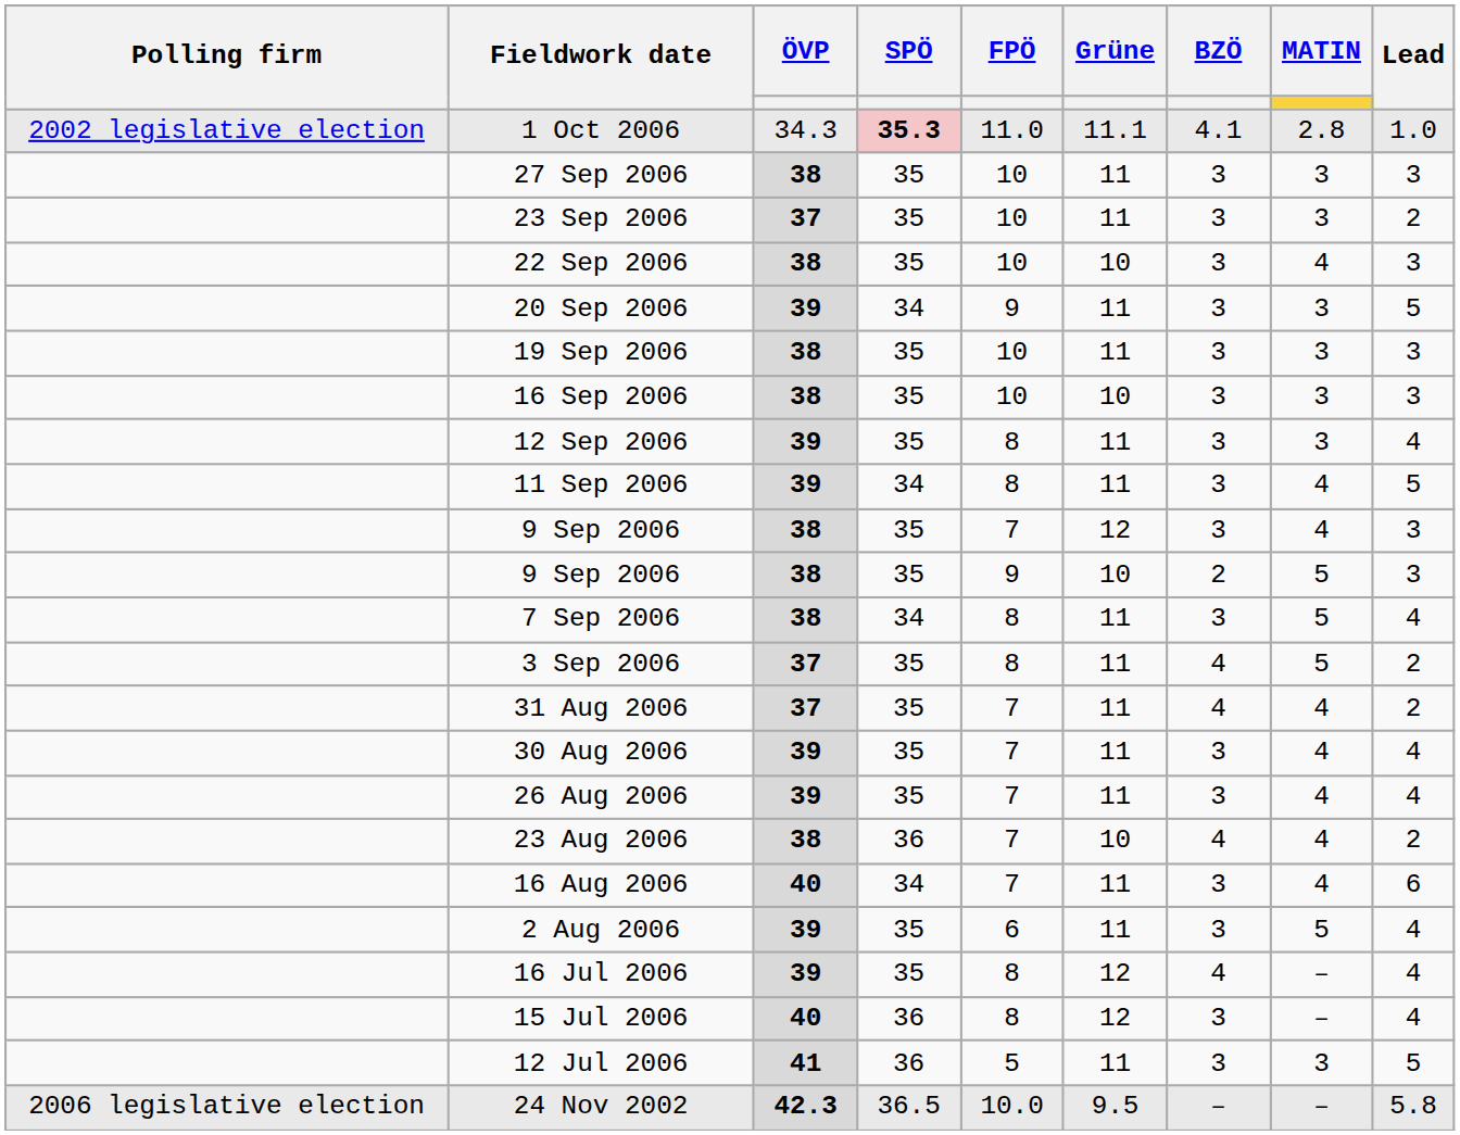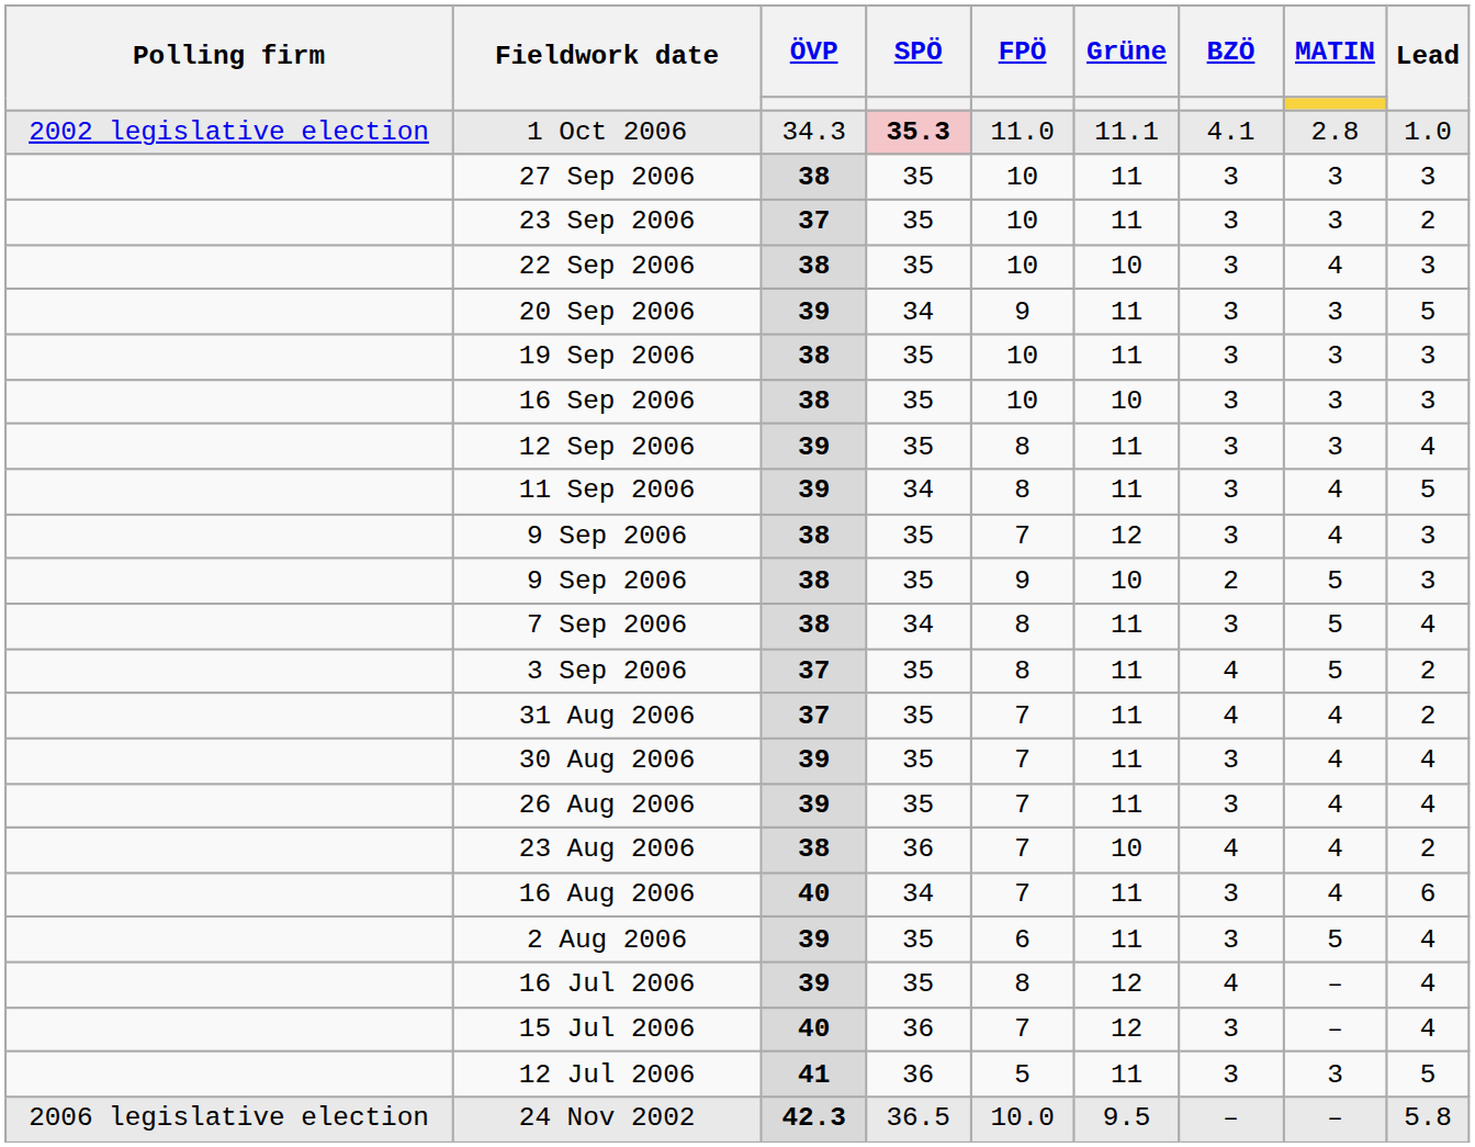 <table class="wikitable sortable" style="text-align:center;font-size:90%;line-height:14px;">
 <tr style="height:40px;">
 <th style="width:190px;" rowspan="2">Polling firm</th>
 <th style="width:130px;" rowspan="2">Fieldwork date</th>
 <th class="unsortable" style="width:40px;"><a href='#'>ÖVP</a></th>
 <th class="unsortable" style="width:40px;"><a href='#'>SPÖ</a></th>
 <th class="unsortable" style="width:40px;"><a href='#'>FPÖ</a></th>
 <th class="unsortable" style="width:40px;"><a href='#'>Grüne</a></th>
 <th class="unsortable" style="width:40px;"><a href='#'>BZÖ</a></th>
 <th class="unsortable" style="width:40px;"><a href='#'>MATIN</a></th>
 <th style="width:30px;" rowspan="2">Lead</th>
 </tr>
 <tr>
 <th style="background:"></th>
 <th style="background:"></th>
 <th style="background:"></th>
 <th style="background:"></th>
 <th style="background:"></th>
 <th style="background:#F8D33D;"></th>
 </tr>
 <tr style="background:#E9E9E9;">
 <td><a href='#'>2002 legislative election</a></td>
 <td data-sort-value="2006-10-01">1 Oct 2006</td>
 <td>34.3</td>
 <td style="background:#F4C6C9;"><strong>35.3</strong></td>
 <td>11.0</td>
 <td>11.1</td>
 <td>4.1</td>
 <td>2.8</td>
 <td style="background:">1.0</td>
 </tr>
 <tr>
 <td></td>
 <td data-sort-value="2006-09-27">27 Sep 2006</td>
 <td style="background:#D9D9D9;"><strong>38</strong></td>
 <td>35</td>
 <td>10</td>
 <td>11</td>
 <td>3</td>
 <td>3</td>
 <td style="background:">3</td>
 </tr>
 <tr>
 <td></td>
 <td data-sort-value="2006-09-23">23 Sep 2006</td>
 <td style="background:#D9D9D9;"><strong>37</strong></td>
 <td>35</td>
 <td>10</td>
 <td>11</td>
 <td>3</td>
 <td>3</td>
 <td style="background:">2</td>
 </tr>
 <tr>
 <td></td>
 <td data-sort-value="2006-09-22">22 Sep 2006</td>
 <td style="background:#D9D9D9;"><strong>38</strong></td>
 <td>35</td>
 <td>10</td>
 <td>10</td>
 <td>3</td>
 <td>4</td>
 <td style="background:">3</td>
 </tr>
 <tr>
 <td> </td>
 <td data-sort-value="2006-09-20">20 Sep 2006</td>
 <td style="background:#D9D9D9;"><strong>39</strong></td>
 <td>34</td>
 <td>9</td>
 <td>11</td>
 <td>3</td>
 <td>3</td>
 <td style="background:">5</td>
 </tr>
 <tr>
 <td></td>
 <td data-sort-value="2006-09-19">19 Sep 2006</td>
 <td style="background:#D9D9D9;"><strong>38</strong></td>
 <td>35</td>
 <td>10</td>
 <td>11</td>
 <td>3</td>
 <td>3</td>
 <td style="background:">3</td>
 </tr>
 <tr>
 <td> </td>
 <td data-sort-value="2006-09-16">16 Sep 2006</td>
 <td style="background:#D9D9D9;"><strong>38</strong></td>
 <td>35</td>
 <td>10</td>
 <td>10</td>
 <td>3</td>
 <td>3</td>
 <td style="background:">3</td>
 </tr>
 <tr>
 <td></td>
 <td data-sort-value="2006-09-12">12 Sep 2006</td>
 <td style="background:#D9D9D9;"><strong>39</strong></td>
 <td>35</td>
 <td>8</td>
 <td>11</td>
 <td>3</td>
 <td>3</td>
 <td style="background:">4</td>
 </tr>
 <tr>
 <td></td>
 <td data-sort-value="2006-09-11">11 Sep 2006</td>
 <td style="background:#D9D9D9;"><strong>39</strong></td>
 <td>34</td>
 <td>8</td>
 <td>11</td>
 <td>3</td>
 <td>4</td>
 <td style="background:">5</td>
 </tr>
 <tr>
 <td></td>
 <td data-sort-value="2006-09-09">9 Sep 2006</td>
 <td style="background:#D9D9D9;"><strong>38</strong></td>
 <td>35</td>
 <td>7</td>
 <td>12</td>
 <td>3</td>
 <td>4</td>
 <td style="background:">3</td>
 </tr>
 <tr>
 <td> </td>
 <td data-sort-value="2006-09-09">9 Sep 2006</td>
 <td style="background:#D9D9D9;"><strong>38</strong></td>
 <td>35</td>
 <td>9</td>
 <td>10</td>
 <td>2</td>
 <td>5</td>
 <td style="background:">3</td>
 </tr>
 <tr>
 <td> </td>
 <td data-sort-value="2006-09-07">7 Sep 2006</td>
 <td style="background:#D9D9D9;"><strong>38</strong></td>
 <td>34</td>
 <td>8</td>
 <td>11</td>
 <td>3</td>
 <td>5</td>
 <td style="background:">4</td>
 </tr>
 <tr>
 <td> </td>
 <td data-sort-value="2006-09-03">3 Sep 2006</td>
 <td style="background:#D9D9D9;"><strong>37</strong></td>
 <td>35</td>
 <td>8</td>
 <td>11</td>
 <td>4</td>
 <td>5</td>
 <td style="background:">2</td>
 </tr>
 <tr>
 <td></td>
 <td data-sort-value="2006-08-31">31 Aug 2006</td>
 <td style="background:#D9D9D9;"><strong>37</strong></td>
 <td>35</td>
 <td>7</td>
 <td>11</td>
 <td>4</td>
 <td>4</td>
 <td style="background:">2</td>
 </tr>
 <tr>
 <td> </td>
 <td data-sort-value="2006-08-30">30 Aug 2006</td>
 <td style="background:#D9D9D9;"><strong>39</strong></td>
 <td>35</td>
 <td>7</td>
 <td>11</td>
 <td>3</td>
 <td>4</td>
 <td style="background:">4</td>
 </tr>
 <tr>
 <td> </td>
 <td data-sort-value="2006-08-26">26 Aug 2006</td>
 <td style="background:#D9D9D9;"><strong>39</strong></td>
 <td>35</td>
 <td>7</td>
 <td>11</td>
 <td>3</td>
 <td>4</td>
 <td style="background:">4</td>
 </tr>
 <tr>
 <td></td>
 <td data-sort-value="2006-08-23">23 Aug 2006</td>
 <td style="background:#D9D9D9;"><strong>38</strong></td>
 <td>36</td>
 <td>7</td>
 <td>10</td>
 <td>4</td>
 <td>4</td>
 <td style="background:">2</td>
 </tr>
 <tr>
 <td> </td>
 <td data-sort-value="2006-08-16">16 Aug 2006</td>
 <td style="background:#D9D9D9;"><strong>40</strong></td>
 <td>34</td>
 <td>7</td>
 <td>11</td>
 <td>3</td>
 <td>4</td>
 <td style="background:">6</td>
 </tr>
 <tr>
 <td> </td>
 <td data-sort-value="2006-08-02">2 Aug 2006</td>
 <td style="background:#D9D9D9;"><strong>39</strong></td>
 <td>35</td>
 <td>6</td>
 <td>11</td>
 <td>3</td>
 <td>5</td>
 <td style="background:">4</td>
 </tr>
 <tr>
 <td></td>
 <td data-sort-value="2006-07-16">16 Jul 2006</td>
 <td style="background:#D9D9D9;"><strong>39</strong></td>
 <td>35</td>
 <td>8</td>
 <td>12</td>
 <td>4</td>
 <td>–</td>
 <td style="background:">4</td>
 </tr>
 <tr>
 <td> </td>
 <td data-sort-value="2006-07-15">15 Jul 2006</td>
 <td style="background:#D9D9D9;"><strong>40</strong></td>
 <td>36</td>
-<td>8</td>
+<td>7</td>
 <td>12</td>
 <td>3</td>
 <td>–</td>
 <td style="background:">4</td>
 </tr>
 <tr>
 <td> </td>
 <td data-sort-value="2006-07-12">12 Jul 2006</td>
 <td style="background:#D9D9D9;"><strong>41</strong></td>
 <td>36</td>
 <td>5</td>
 <td>11</td>
 <td>3</td>
 <td>3</td>
 <td style="background:">5</td>
 </tr>
 <tr style="background:#E9E9E9;">
 <td>2006 legislative election</td>
 <td data-sort-value="2002-11-24">24 Nov 2002</td>
 <td style="background:#D9D9D9;"><strong>42.3</strong></td>
 <td>36.5</td>
 <td>10.0</td>
 <td>9.5</td>
 <td>–</td>
 <td>–</td>
 <td style="background:">5.8</td>
 </tr>
 </table>
